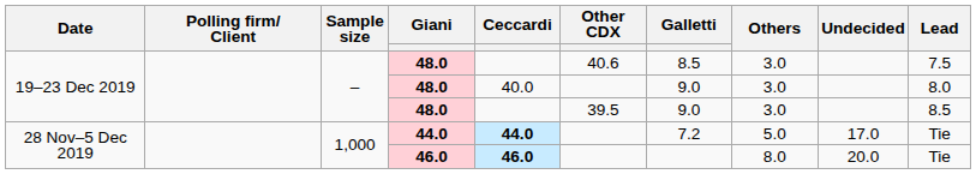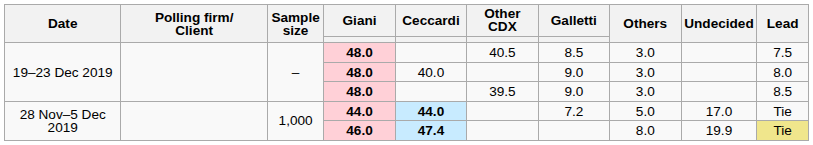 <table class="wikitable collapsible collapsed" style="text-align:center;font-size:85%;line-height:13px">
 <tr style="height:30px; background-color:#E9E9E9">
 <th style="width:110px;" rowspan="2">Date</th>
 <th style="width:140px;" rowspan="2">Polling firm/<br>Client</th>
 <th style="width:50px;" rowspan="2">Sample size</th>
 <th style="width:65px;">Giani</th>
 <th style="width:65px;">Ceccardi</th>
 <th style="width:65px;">Other CDX</th>
 <th style="width:65px;">Galletti</th>
 <th style="width:65px;" rowspan="2">Others</th>
 <th style="width:65px;" rowspan="2">Undecided</th>
 <th style="width:45px;" rowspan="2">Lead</th>
 </tr>
 <tr>
 <th style="background:"></th>
 <th style="background:"></th>
 <th style="background:"></th>
 <th style="background:"></th>
 </tr>
 <tr>
 <td rowspan="3">19–23 Dec 2019</td>
 <td rowspan="3"></td>
 <td rowspan="3">–</td>
 <td style="background:#FFD0D7"><strong>48.0</strong></td>
 <td></td>
-<td>40.6</td>
+<td>40.5</td>
 <td>8.5</td>
 <td>3.0</td>
 <td></td>
 <td style="background:">7.5</td>
 </tr>
 <tr>
 <td style="background:#FFD0D7"><strong>48.0</strong></td>
 <td>40.0</td>
 <td></td>
 <td>9.0</td>
 <td>3.0</td>
 <td></td>
 <td style="background:">8.0</td>
 </tr>
 <tr>
 <td style="background:#FFD0D7"><strong>48.0</strong></td>
 <td></td>
 <td>39.5</td>
 <td>9.0</td>
 <td>3.0</td>
 <td></td>
 <td style="background:">8.5</td>
 </tr>
 <tr>
 <td rowspan="2">28 Nov–5 Dec 2019</td>
 <td rowspan="2"></td>
 <td rowspan="2">1,000</td>
 <td style="background:#FFD0D7"><strong>44.0</strong></td>
 <td style="background:#C8EBFF"><strong>44.0</strong></td>
 <td></td>
 <td>7.2</td>
 <td>5.0</td>
 <td>17.0</td>
 <td>Tie</td>
 </tr>
 <tr>
 <td style="background:#FFD0D7"><strong>46.0</strong></td>
-<td style="background:#C8EBFF"><strong>46.0</strong></td>
+<td style="background:#C8EBFF"><strong>47.4</strong></td>
 <td></td>
 <td></td>
 <td>8.0</td>
-<td>20.0</td>
-<td>Tie</td>
+<td>19.9</td>
+<td style="background: khaki;">Tie</td>
 </tr>
 <tr>
 </tr>
 </table>
